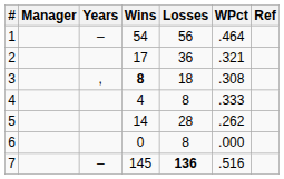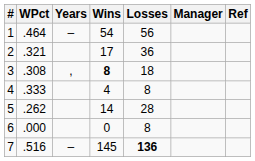 <table class="wikitable sortable" style="text-align:center">
 <tr>
 <th class="unsortable">#</th>
-<th>Manager</th>
+<th>WPct</th>
 <th>Years</th>
 <th>Wins</th>
 <th>Losses</th>
-<th>WPct</th>
+<th>Manager</th>
 <th class="unsortable">Ref</th>
 </tr>
 <tr>
 <td>1</td>
-<td></td>
+<td>.464</td>
 <td>–</td>
 <td>54</td>
 <td>56</td>
-<td>.464</td>
+<td></td>
 <td></td>
 </tr>
 <tr>
 <td>2</td>
-<td></td>
+<td>.321</td>
 <td></td>
 <td>17</td>
 <td>36</td>
-<td>.321</td>
+<td></td>
 <td></td>
 </tr>
 <tr>
 <td>3</td>
-<td></td>
+<td>.308</td>
 <td>, </td>
 <td><strong>8</strong></td>
 <td>18</td>
-<td>.308</td>
+<td></td>
 <td></td>
 </tr>
 <tr>
 <td>4</td>
-<td></td>
+<td>.333</td>
 <td></td>
 <td>4</td>
 <td>8</td>
-<td>.333</td>
+<td></td>
 <td></td>
 </tr>
 <tr>
 <td>5</td>
-<td></td>
+<td>.262</td>
 <td></td>
 <td>14</td>
 <td>28</td>
-<td>.262</td>
+<td></td>
 <td></td>
 </tr>
 <tr>
 <td>6</td>
-<td></td>
+<td>.000</td>
 <td></td>
 <td>0</td>
 <td>8</td>
-<td>.000</td>
+<td></td>
 <td></td>
 </tr>
 <tr>
 <td>7</td>
-<td></td>
+<td>.516</td>
 <td>–</td>
 <td>145</td>
 <td><strong>136</strong></td>
-<td>.516</td>
+<td></td>
 <td></td>
 </tr>
 </table>
